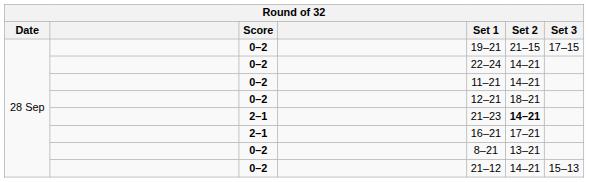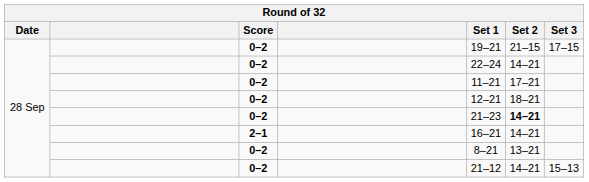 <table class="wikitable" style="text-align: center;">
 <tr>
 <th colspan=7>Round of 32</th>
 </tr>
 <tr>
 <th width="60">Date</th>
 <th align="right" width="270"></th>
 <th width="50">Score</th>
 <th align="left" width="270"></th>
 <th width="50">Set 1</th>
 <th width="50">Set 2</th>
 <th width="50">Set 3</th>
 </tr>
 <tr>
 <td rowspan=8>28 Sep</td>
 <td align=left><strong></strong></td>
 <td align=center><strong>0–2</strong></td>
 <td align=left></td>
 <td>19–21</td>
 <td>21–15</td>
 <td>17–15</td>
 </tr>
 <tr>
 <td align=left></td>
 <td align=center><strong>0–2</strong></td>
 <td align=left><strong></strong></td>
 <td>22–24</td>
 <td>14–21</td>
 <td></td>
 </tr>
 <tr>
 <td align=left></td>
 <td align=center><strong>0–2</strong></td>
 <td align=left><strong></strong></td>
 <td>11–21</td>
-<td>14–21</td>
+<td>17–21</td>
 <td></td>
 </tr>
 <tr>
 <td align=left></td>
 <td align=center><strong>0–2</strong></td>
 <td align=left><strong></strong></td>
 <td>12–21</td>
 <td>18–21</td>
 <td></td>
 </tr>
 <tr>
 <td align=left></td>
-<td align=center><strong>2–1</strong></td>
+<td align=center><strong>0–2</strong></td>
 <td align=left><strong></strong></td>
 <td>21–23</td>
 <td><strong>14–21</strong></td>
 <td></td>
 </tr>
 <tr>
 <td align=left></td>
 <td align=center><strong>2–1</strong></td>
 <td align=left><strong></strong></td>
 <td>16–21</td>
-<td>17–21</td>
+<td>14–21</td>
 <td></td>
 </tr>
 <tr>
 <td align=left></td>
 <td align=center><strong>0–2</strong></td>
 <td align=left><strong></strong></td>
 <td>8–21</td>
 <td>13–21</td>
 <td></td>
 </tr>
 <tr>
 <td align=left><strong></strong></td>
 <td align=center><strong>0–2</strong></td>
 <td align=left></td>
 <td>21–12</td>
 <td>14–21</td>
 <td>15–13</td>
 </tr>
 </table>
